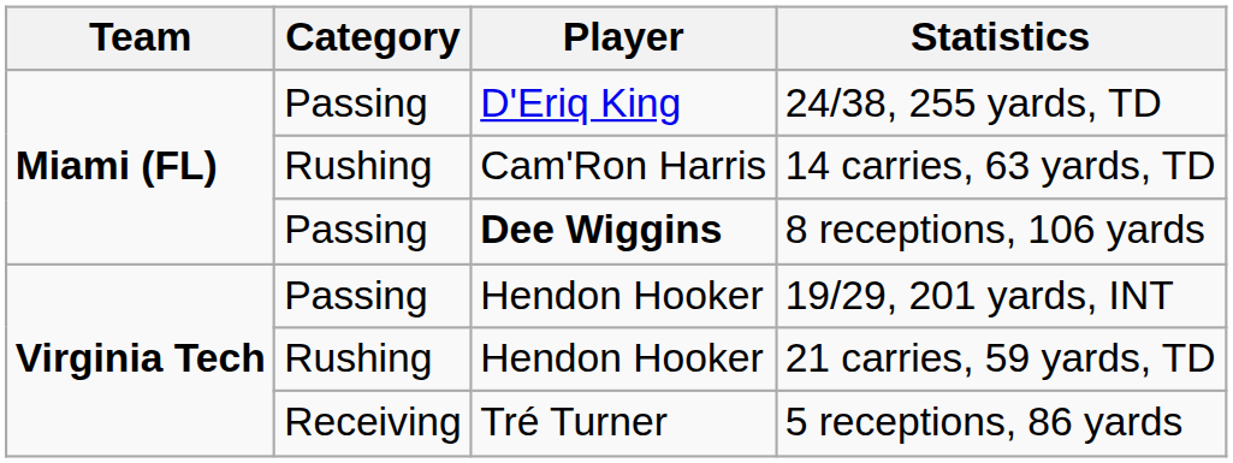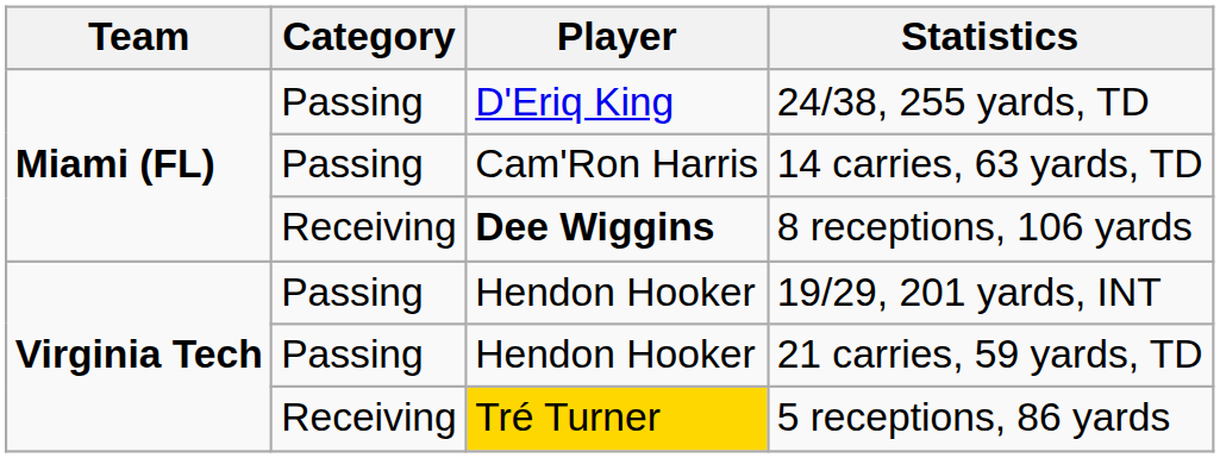 <table class="wikitable" style="float: left;">
 <tr>
 <th>Team</th>
 <th>Category</th>
 <th>Player</th>
 <th>Statistics</th>
 </tr>
 <tr>
 <td rowspan=3><strong>Miami (FL)</strong></td>
 <td>Passing</td>
 <td><a href='#'>D'Eriq King</a></td>
 <td>24/38, 255 yards, TD</td>
 </tr>
 <tr>
-<td>Rushing</td>
+<td>Passing</td>
 <td>Cam'Ron Harris</td>
 <td>14 carries, 63 yards, TD</td>
 </tr>
 <tr>
-<td>Passing</td>
+<td>Receiving</td>
 <td><strong>Dee Wiggins</strong></td>
 <td>8 receptions, 106 yards</td>
 </tr>
 <tr>
 <td rowspan=3><strong>Virginia Tech</strong></td>
 <td>Passing</td>
 <td>Hendon Hooker</td>
 <td>19/29, 201 yards, INT</td>
 </tr>
 <tr>
-<td>Rushing</td>
+<td>Passing</td>
 <td>Hendon Hooker</td>
 <td>21 carries, 59 yards, TD</td>
 </tr>
 <tr>
 <td>Receiving</td>
-<td>Tré Turner</td>
+<td style="background: gold;">Tré Turner</td>
 <td>5 receptions, 86 yards</td>
 </tr>
 </table>
